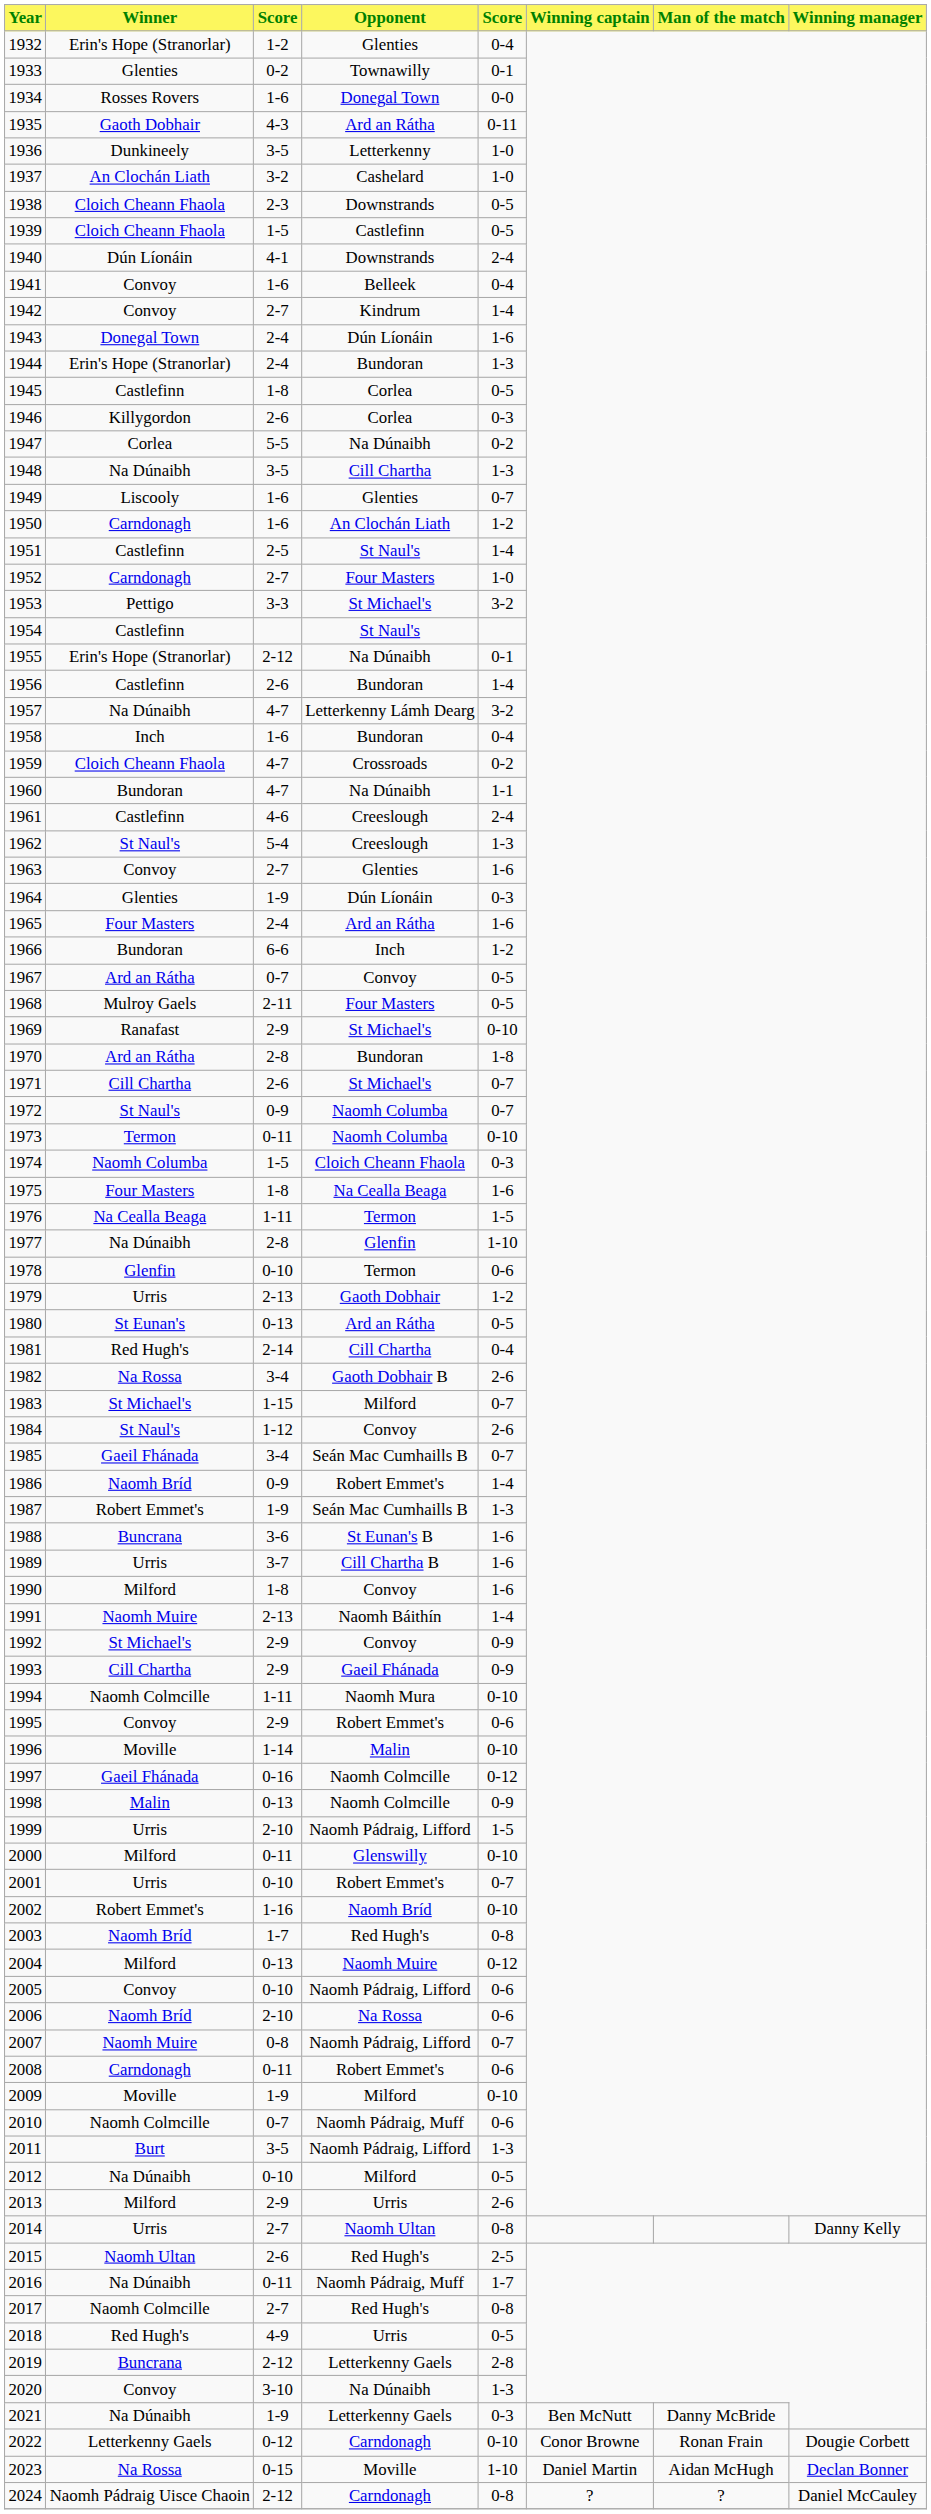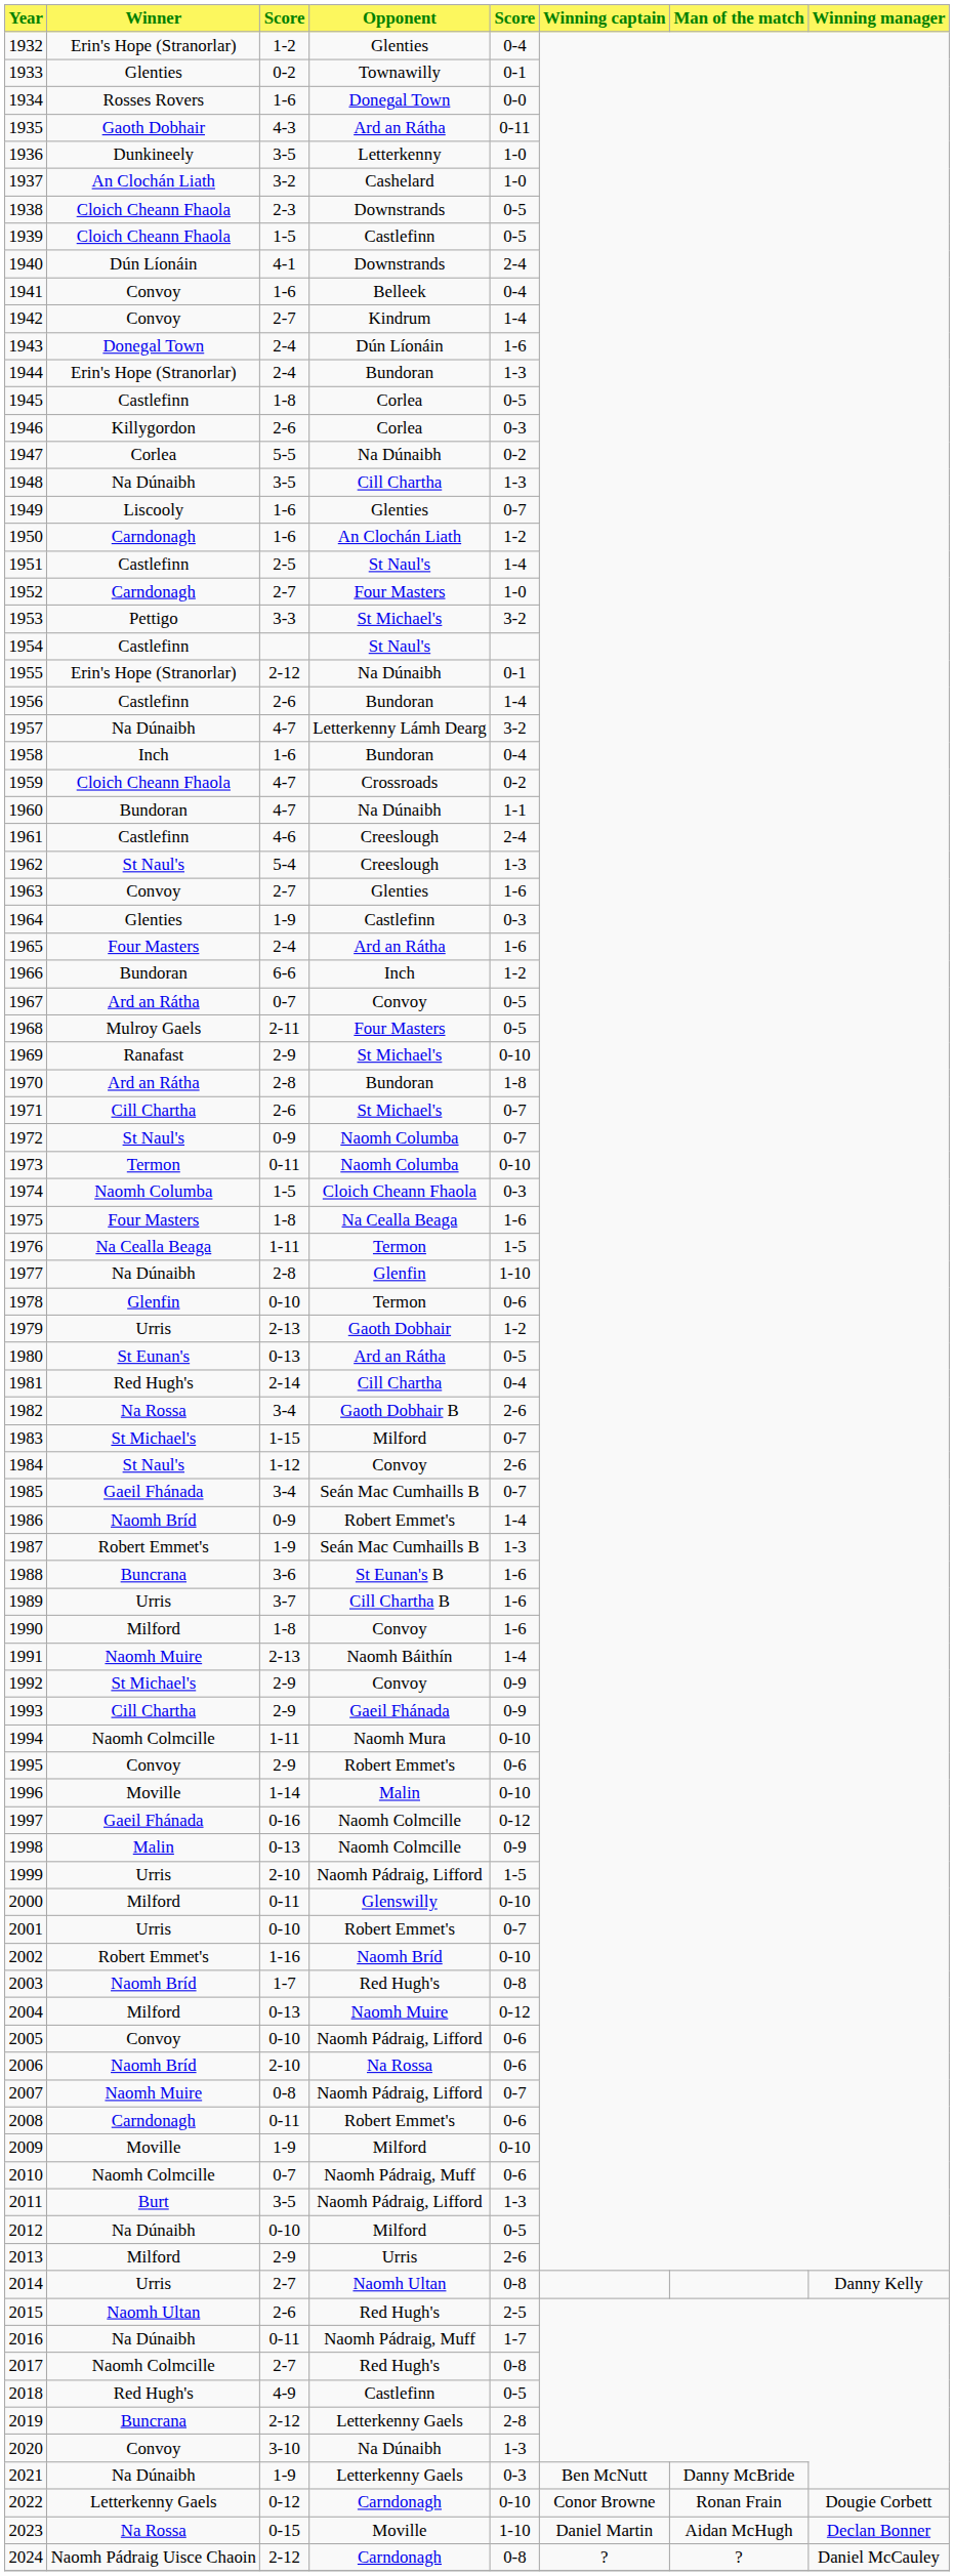 <table class="wikitable" style="text-align:center;">
 <tr>
 <th style="background:#FCF75E;color:green;">Year</th>
 <th style="background:#FCF75E;color:green;">Winner</th>
 <th style="background:#FCF75E;color:green;">Score</th>
 <th style="background:#FCF75E;color:green;">Opponent</th>
 <th style="background:#FCF75E;color:green;">Score</th>
 <th style="background:#FCF75E;color:green;">Winning captain</th>
 <th style="background:#FCF75E;color:green;">Man of the match</th>
 <th style="background:#FCF75E;color:green;">Winning manager</th>
 </tr>
 <tr>
 <td>1932</td>
 <td>Erin's Hope (Stranorlar)</td>
 <td>1-2</td>
 <td>Glenties</td>
 <td>0-4</td>
 </tr>
 <tr>
 <td>1933</td>
 <td>Glenties</td>
 <td>0-2</td>
 <td>Townawilly</td>
 <td>0-1</td>
 </tr>
 <tr>
 <td>1934</td>
 <td>Rosses Rovers</td>
 <td>1-6</td>
 <td><a href='#'>Donegal Town</a></td>
 <td>0-0</td>
 </tr>
 <tr>
 <td>1935</td>
 <td><a href='#'>Gaoth Dobhair</a></td>
 <td>4-3</td>
 <td><a href='#'>Ard an Rátha</a></td>
 <td>0-11</td>
 </tr>
 <tr>
 <td>1936</td>
 <td>Dunkineely</td>
 <td>3-5</td>
 <td>Letterkenny</td>
 <td>1-0</td>
 </tr>
 <tr>
 <td>1937</td>
 <td><a href='#'>An Clochán Liath</a></td>
 <td>3-2</td>
 <td>Cashelard</td>
 <td>1-0</td>
 </tr>
 <tr>
 <td>1938</td>
 <td><a href='#'>Cloich Cheann Fhaola</a></td>
 <td>2-3</td>
 <td>Downstrands</td>
 <td>0-5</td>
 </tr>
 <tr>
 <td>1939</td>
 <td><a href='#'>Cloich Cheann Fhaola</a></td>
 <td>1-5</td>
 <td>Castlefinn</td>
 <td>0-5</td>
 </tr>
 <tr>
 <td>1940</td>
 <td>Dún Líonáin</td>
 <td>4-1</td>
 <td>Downstrands</td>
 <td>2-4</td>
 </tr>
 <tr>
 <td>1941</td>
 <td>Convoy</td>
 <td>1-6</td>
 <td>Belleek</td>
 <td>0-4</td>
 </tr>
 <tr>
 <td>1942</td>
 <td>Convoy</td>
 <td>2-7</td>
 <td>Kindrum</td>
 <td>1-4</td>
 </tr>
 <tr>
 <td>1943</td>
 <td><a href='#'>Donegal Town</a></td>
 <td>2-4</td>
 <td>Dún Líonáin</td>
 <td>1-6</td>
 </tr>
 <tr>
 <td>1944</td>
 <td>Erin's Hope (Stranorlar)</td>
 <td>2-4</td>
 <td>Bundoran</td>
 <td>1-3</td>
 </tr>
 <tr>
 <td>1945</td>
 <td>Castlefinn</td>
 <td>1-8</td>
 <td>Corlea</td>
 <td>0-5</td>
 </tr>
 <tr>
 <td>1946</td>
 <td>Killygordon</td>
 <td>2-6</td>
 <td>Corlea</td>
 <td>0-3</td>
 </tr>
 <tr>
 <td>1947</td>
 <td>Corlea</td>
 <td>5-5</td>
 <td>Na Dúnaibh</td>
 <td>0-2</td>
 </tr>
 <tr>
 <td>1948</td>
 <td>Na Dúnaibh</td>
 <td>3-5</td>
 <td><a href='#'>Cill Chartha</a></td>
 <td>1-3</td>
 </tr>
 <tr>
 <td>1949</td>
 <td>Liscooly</td>
 <td>1-6</td>
 <td>Glenties</td>
 <td>0-7</td>
 </tr>
 <tr>
 <td>1950</td>
 <td><a href='#'>Carndonagh</a></td>
 <td>1-6</td>
 <td><a href='#'>An Clochán Liath</a></td>
 <td>1-2</td>
 </tr>
 <tr>
 <td>1951</td>
 <td>Castlefinn</td>
 <td>2-5</td>
 <td><a href='#'>St Naul's</a></td>
 <td>1-4</td>
 </tr>
 <tr>
 <td>1952</td>
 <td><a href='#'>Carndonagh</a></td>
 <td>2-7</td>
 <td><a href='#'>Four Masters</a></td>
 <td>1-0</td>
 </tr>
 <tr>
 <td>1953</td>
 <td>Pettigo</td>
 <td>3-3</td>
 <td><a href='#'>St Michael's</a></td>
 <td>3-2</td>
 </tr>
 <tr>
 <td>1954</td>
 <td>Castlefinn</td>
 <td></td>
 <td><a href='#'>St Naul's</a></td>
 <td></td>
 </tr>
 <tr>
 <td>1955</td>
 <td>Erin's Hope (Stranorlar)</td>
 <td>2-12</td>
 <td>Na Dúnaibh</td>
 <td>0-1</td>
 </tr>
 <tr>
 <td>1956</td>
 <td>Castlefinn</td>
 <td>2-6</td>
 <td>Bundoran</td>
 <td>1-4</td>
 </tr>
 <tr>
 <td>1957</td>
 <td>Na Dúnaibh</td>
 <td>4-7</td>
 <td>Letterkenny Lámh Dearg</td>
 <td>3-2</td>
 </tr>
 <tr>
 <td>1958</td>
 <td>Inch</td>
 <td>1-6</td>
 <td>Bundoran</td>
 <td>0-4</td>
 </tr>
 <tr>
 <td>1959</td>
 <td><a href='#'>Cloich Cheann Fhaola</a></td>
 <td>4-7</td>
 <td>Crossroads</td>
 <td>0-2</td>
 </tr>
 <tr>
 <td>1960</td>
 <td>Bundoran</td>
 <td>4-7</td>
 <td>Na Dúnaibh</td>
 <td>1-1</td>
 </tr>
 <tr>
 <td>1961</td>
 <td>Castlefinn</td>
 <td>4-6</td>
 <td>Creeslough</td>
 <td>2-4</td>
 </tr>
 <tr>
 <td>1962</td>
 <td><a href='#'>St Naul's</a></td>
 <td>5-4</td>
 <td>Creeslough</td>
 <td>1-3</td>
 </tr>
 <tr>
 <td>1963</td>
 <td>Convoy</td>
 <td>2-7</td>
 <td>Glenties</td>
 <td>1-6</td>
 </tr>
 <tr>
 <td>1964</td>
 <td>Glenties</td>
 <td>1-9</td>
-<td>Dún Líonáin</td>
+<td>Castlefinn</td>
 <td>0-3</td>
 </tr>
 <tr>
 <td>1965</td>
 <td><a href='#'>Four Masters</a></td>
 <td>2-4</td>
 <td><a href='#'>Ard an Rátha</a></td>
 <td>1-6</td>
 </tr>
 <tr>
 <td>1966</td>
 <td>Bundoran</td>
 <td>6-6</td>
 <td>Inch</td>
 <td>1-2</td>
 </tr>
 <tr>
 <td>1967</td>
 <td><a href='#'>Ard an Rátha</a></td>
 <td>0-7</td>
 <td>Convoy</td>
 <td>0-5</td>
 </tr>
 <tr>
 <td>1968</td>
 <td>Mulroy Gaels</td>
 <td>2-11</td>
 <td><a href='#'>Four Masters</a></td>
 <td>0-5</td>
 </tr>
 <tr>
 <td>1969</td>
 <td>Ranafast</td>
 <td>2-9</td>
 <td><a href='#'>St Michael's</a></td>
 <td>0-10</td>
 </tr>
 <tr>
 <td>1970</td>
 <td><a href='#'>Ard an Rátha</a></td>
 <td>2-8</td>
 <td>Bundoran</td>
 <td>1-8</td>
 </tr>
 <tr>
 <td>1971</td>
 <td><a href='#'>Cill Chartha</a></td>
 <td>2-6</td>
 <td><a href='#'>St Michael's</a></td>
 <td>0-7</td>
 </tr>
 <tr>
 <td>1972</td>
 <td><a href='#'>St Naul's</a></td>
 <td>0-9</td>
 <td><a href='#'>Naomh Columba</a></td>
 <td>0-7</td>
 </tr>
 <tr>
 <td>1973</td>
 <td><a href='#'>Termon</a></td>
 <td>0-11</td>
 <td><a href='#'>Naomh Columba</a></td>
 <td>0-10</td>
 </tr>
 <tr>
 <td>1974</td>
 <td><a href='#'>Naomh Columba</a></td>
 <td>1-5</td>
 <td><a href='#'>Cloich Cheann Fhaola</a></td>
 <td>0-3</td>
 </tr>
 <tr>
 <td>1975</td>
 <td><a href='#'>Four Masters</a></td>
 <td>1-8</td>
 <td><a href='#'>Na Cealla Beaga</a></td>
 <td>1-6</td>
 </tr>
 <tr>
 <td>1976</td>
 <td><a href='#'>Na Cealla Beaga</a></td>
 <td>1-11</td>
 <td><a href='#'>Termon</a></td>
 <td>1-5</td>
 </tr>
 <tr>
 <td>1977</td>
 <td>Na Dúnaibh</td>
 <td>2-8</td>
 <td><a href='#'>Glenfin</a></td>
 <td>1-10</td>
 </tr>
 <tr>
 <td>1978</td>
 <td><a href='#'>Glenfin</a></td>
 <td>0-10</td>
 <td>Termon</td>
 <td>0-6</td>
 </tr>
 <tr>
 <td>1979</td>
 <td>Urris</td>
 <td>2-13</td>
 <td><a href='#'>Gaoth Dobhair</a></td>
 <td>1-2</td>
 </tr>
 <tr>
 <td>1980</td>
 <td><a href='#'>St Eunan's</a></td>
 <td>0-13</td>
 <td><a href='#'>Ard an Rátha</a></td>
 <td>0-5</td>
 </tr>
 <tr>
 <td>1981</td>
 <td>Red Hugh's</td>
 <td>2-14</td>
 <td><a href='#'>Cill Chartha</a></td>
 <td>0-4</td>
 </tr>
 <tr>
 <td>1982</td>
 <td><a href='#'>Na Rossa</a></td>
 <td>3-4</td>
 <td><a href='#'>Gaoth Dobhair</a> B</td>
 <td>2-6</td>
 </tr>
 <tr>
 <td>1983</td>
 <td><a href='#'>St Michael's</a></td>
 <td>1-15</td>
 <td>Milford</td>
 <td>0-7</td>
 </tr>
 <tr>
 <td>1984</td>
 <td><a href='#'>St Naul's</a></td>
 <td>1-12</td>
 <td>Convoy</td>
 <td>2-6</td>
 </tr>
 <tr>
 <td>1985</td>
 <td><a href='#'>Gaeil Fhánada</a></td>
 <td>3-4</td>
 <td>Seán Mac Cumhaills B</td>
 <td>0-7</td>
 </tr>
 <tr>
 <td>1986</td>
 <td><a href='#'>Naomh Bríd</a></td>
 <td>0-9</td>
 <td>Robert Emmet's</td>
 <td>1-4</td>
 </tr>
 <tr>
 <td>1987</td>
 <td>Robert Emmet's</td>
 <td>1-9</td>
 <td>Seán Mac Cumhaills B</td>
 <td>1-3</td>
 </tr>
 <tr>
 <td>1988</td>
 <td><a href='#'>Buncrana</a></td>
 <td>3-6</td>
 <td><a href='#'>St Eunan's</a> B</td>
 <td>1-6</td>
 </tr>
 <tr>
 <td>1989</td>
 <td>Urris</td>
 <td>3-7</td>
 <td><a href='#'>Cill Chartha</a> B</td>
 <td>1-6</td>
 </tr>
 <tr>
 <td>1990</td>
 <td>Milford</td>
 <td>1-8</td>
 <td>Convoy</td>
 <td>1-6</td>
 </tr>
 <tr>
 <td>1991</td>
 <td><a href='#'>Naomh Muire</a></td>
 <td>2-13</td>
 <td>Naomh Báithín</td>
 <td>1-4</td>
 </tr>
 <tr>
 <td>1992</td>
 <td><a href='#'>St Michael's</a></td>
 <td>2-9</td>
 <td>Convoy</td>
 <td>0-9</td>
 </tr>
 <tr>
 <td>1993</td>
 <td><a href='#'>Cill Chartha</a></td>
 <td>2-9</td>
 <td><a href='#'>Gaeil Fhánada</a></td>
 <td>0-9</td>
 </tr>
 <tr>
 <td>1994</td>
 <td>Naomh Colmcille</td>
 <td>1-11</td>
 <td>Naomh Mura</td>
 <td>0-10</td>
 </tr>
 <tr>
 <td>1995</td>
 <td>Convoy</td>
 <td>2-9</td>
 <td>Robert Emmet's</td>
 <td>0-6</td>
 </tr>
 <tr>
 <td>1996</td>
 <td>Moville</td>
 <td>1-14</td>
 <td><a href='#'>Malin</a></td>
 <td>0-10</td>
 </tr>
 <tr>
 <td>1997</td>
 <td><a href='#'>Gaeil Fhánada</a></td>
 <td>0-16</td>
 <td>Naomh Colmcille</td>
 <td>0-12</td>
 </tr>
 <tr>
 <td>1998</td>
 <td><a href='#'>Malin</a></td>
 <td>0-13</td>
 <td>Naomh Colmcille</td>
 <td>0-9</td>
 </tr>
 <tr>
 <td>1999</td>
 <td>Urris</td>
 <td>2-10</td>
 <td>Naomh Pádraig, Lifford</td>
 <td>1-5</td>
 </tr>
 <tr>
 <td>2000</td>
 <td>Milford</td>
 <td>0-11</td>
 <td><a href='#'>Glenswilly</a></td>
 <td>0-10</td>
 </tr>
 <tr>
 <td>2001</td>
 <td>Urris</td>
 <td>0-10</td>
 <td>Robert Emmet's</td>
 <td>0-7</td>
 </tr>
 <tr>
 <td>2002</td>
 <td>Robert Emmet's</td>
 <td>1-16</td>
 <td><a href='#'>Naomh Bríd</a></td>
 <td>0-10</td>
 </tr>
 <tr>
 <td>2003</td>
 <td><a href='#'>Naomh Bríd</a></td>
 <td>1-7</td>
 <td>Red Hugh's</td>
 <td>0-8</td>
 </tr>
 <tr>
 <td>2004</td>
 <td>Milford</td>
 <td>0-13</td>
 <td><a href='#'>Naomh Muire</a></td>
 <td>0-12</td>
 </tr>
 <tr>
 <td>2005</td>
 <td>Convoy</td>
 <td>0-10</td>
 <td>Naomh Pádraig, Lifford</td>
 <td>0-6</td>
 </tr>
 <tr>
 <td>2006</td>
 <td><a href='#'>Naomh Bríd</a></td>
 <td>2-10</td>
 <td><a href='#'>Na Rossa</a></td>
 <td>0-6</td>
 </tr>
 <tr>
 <td>2007</td>
 <td><a href='#'>Naomh Muire</a></td>
 <td>0-8</td>
 <td>Naomh Pádraig, Lifford</td>
 <td>0-7</td>
 </tr>
 <tr>
 <td>2008</td>
 <td><a href='#'>Carndonagh</a></td>
 <td>0-11</td>
 <td>Robert Emmet's</td>
 <td>0-6</td>
 </tr>
 <tr>
 <td>2009</td>
 <td>Moville</td>
 <td>1-9</td>
 <td>Milford</td>
 <td>0-10</td>
 </tr>
 <tr>
 <td>2010</td>
 <td>Naomh Colmcille</td>
 <td>0-7</td>
 <td>Naomh Pádraig, Muff</td>
 <td>0-6</td>
 </tr>
 <tr>
 <td>2011</td>
 <td><a href='#'>Burt</a></td>
 <td>3-5</td>
 <td>Naomh Pádraig, Lifford</td>
 <td>1-3</td>
 </tr>
 <tr>
 <td>2012</td>
 <td>Na Dúnaibh</td>
 <td>0-10</td>
 <td>Milford</td>
 <td>0-5</td>
 </tr>
 <tr>
 <td>2013</td>
 <td>Milford</td>
 <td>2-9</td>
 <td>Urris</td>
 <td>2-6</td>
 </tr>
 <tr>
 <td>2014</td>
 <td>Urris</td>
 <td>2-7</td>
 <td><a href='#'>Naomh Ultan</a></td>
 <td>0-8</td>
 <td></td>
 <td></td>
 <td>Danny Kelly</td>
 </tr>
 <tr>
 <td>2015</td>
 <td><a href='#'>Naomh Ultan</a></td>
 <td>2-6</td>
 <td>Red Hugh's</td>
 <td>2-5</td>
 </tr>
 <tr>
 <td>2016</td>
 <td>Na Dúnaibh</td>
 <td>0-11</td>
 <td>Naomh Pádraig, Muff</td>
 <td>1-7</td>
 </tr>
 <tr>
 <td>2017</td>
 <td>Naomh Colmcille</td>
 <td>2-7</td>
 <td>Red Hugh's</td>
 <td>0-8</td>
 </tr>
 <tr>
 <td>2018</td>
 <td>Red Hugh's</td>
 <td>4-9</td>
-<td>Urris</td>
+<td>Castlefinn</td>
 <td>0-5</td>
 </tr>
 <tr>
 <td>2019</td>
 <td><a href='#'>Buncrana</a></td>
 <td>2-12</td>
 <td>Letterkenny Gaels</td>
 <td>2-8</td>
 </tr>
 <tr>
 <td>2020</td>
 <td>Convoy</td>
 <td>3-10</td>
 <td>Na Dúnaibh</td>
 <td>1-3</td>
 </tr>
 <tr>
 <td>2021</td>
 <td>Na Dúnaibh</td>
 <td>1-9</td>
 <td>Letterkenny Gaels</td>
 <td>0-3</td>
 <td>Ben McNutt</td>
 <td>Danny McBride</td>
 </tr>
 <tr>
 <td>2022</td>
 <td>Letterkenny Gaels</td>
 <td>0-12</td>
 <td><a href='#'>Carndonagh</a></td>
 <td>0-10</td>
 <td>Conor Browne</td>
 <td>Ronan Frain</td>
 <td>Dougie Corbett</td>
 </tr>
 <tr>
 <td>2023</td>
 <td><a href='#'>Na Rossa</a></td>
 <td>0-15</td>
 <td>Moville</td>
 <td>1-10</td>
 <td>Daniel Martin</td>
 <td>Aidan McHugh</td>
 <td><a href='#'>Declan Bonner</a></td>
 </tr>
 <tr>
 <td>2024</td>
 <td>Naomh Pádraig Uisce Chaoin</td>
 <td>2-12</td>
 <td><a href='#'>Carndonagh</a></td>
 <td>0-8</td>
 <td>?</td>
 <td>?</td>
 <td>Daniel McCauley</td>
 </tr>
 <tr>
 </tr>
 </table>
